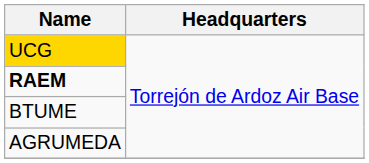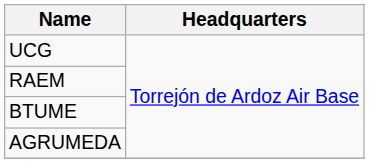 <table class="wikitable">
 <tr>
 <th>Name</th>
 <th>Headquarters</th>
 </tr>
 <tr>
-<td style="background: gold;">UCG</td>
+<td>UCG</td>
 <td rowspan="4"><a href='#'>Torrejón de Ardoz Air Base</a></td>
 </tr>
 <tr>
-<td><strong>RAEM</strong></td>
+<td>RAEM</td>
 </tr>
 <tr>
 <td>BTUME</td>
 </tr>
 <tr>
 <td>AGRUMEDA</td>
 </tr>
 <tr>
 </tr>
 </table>
